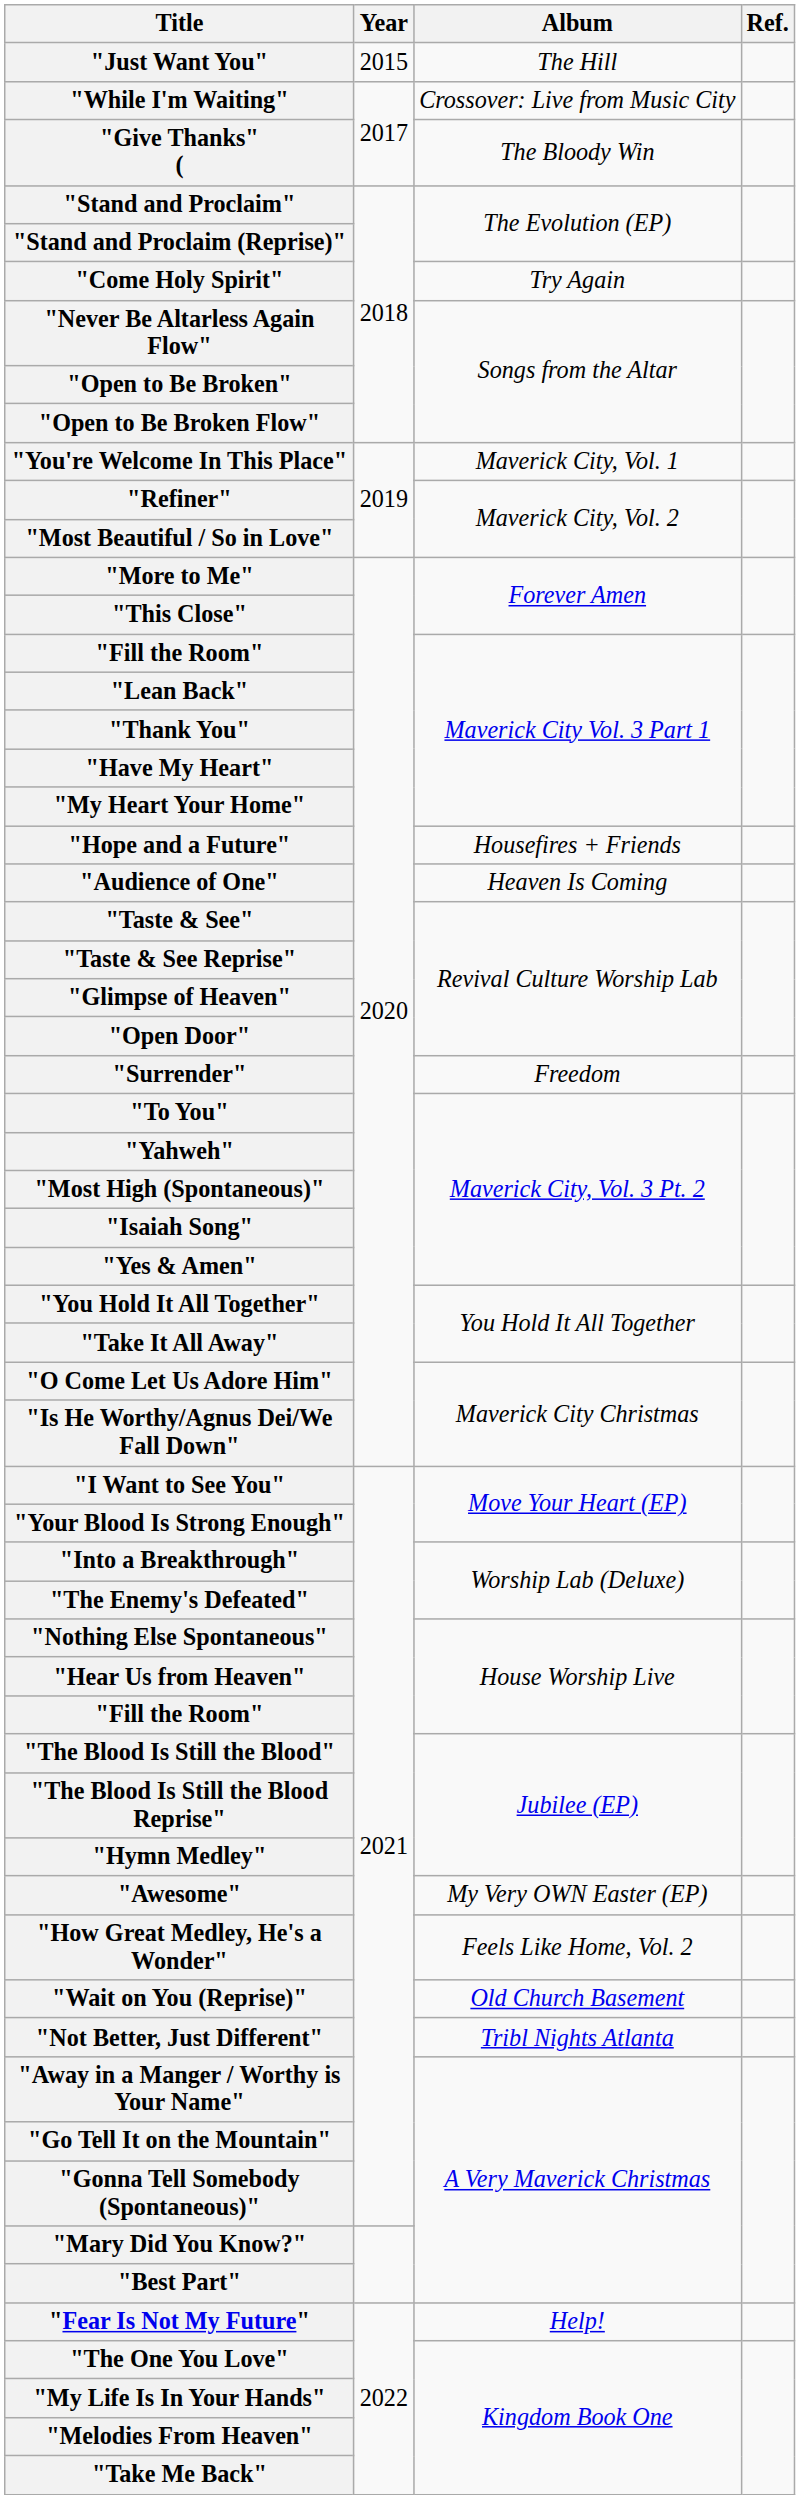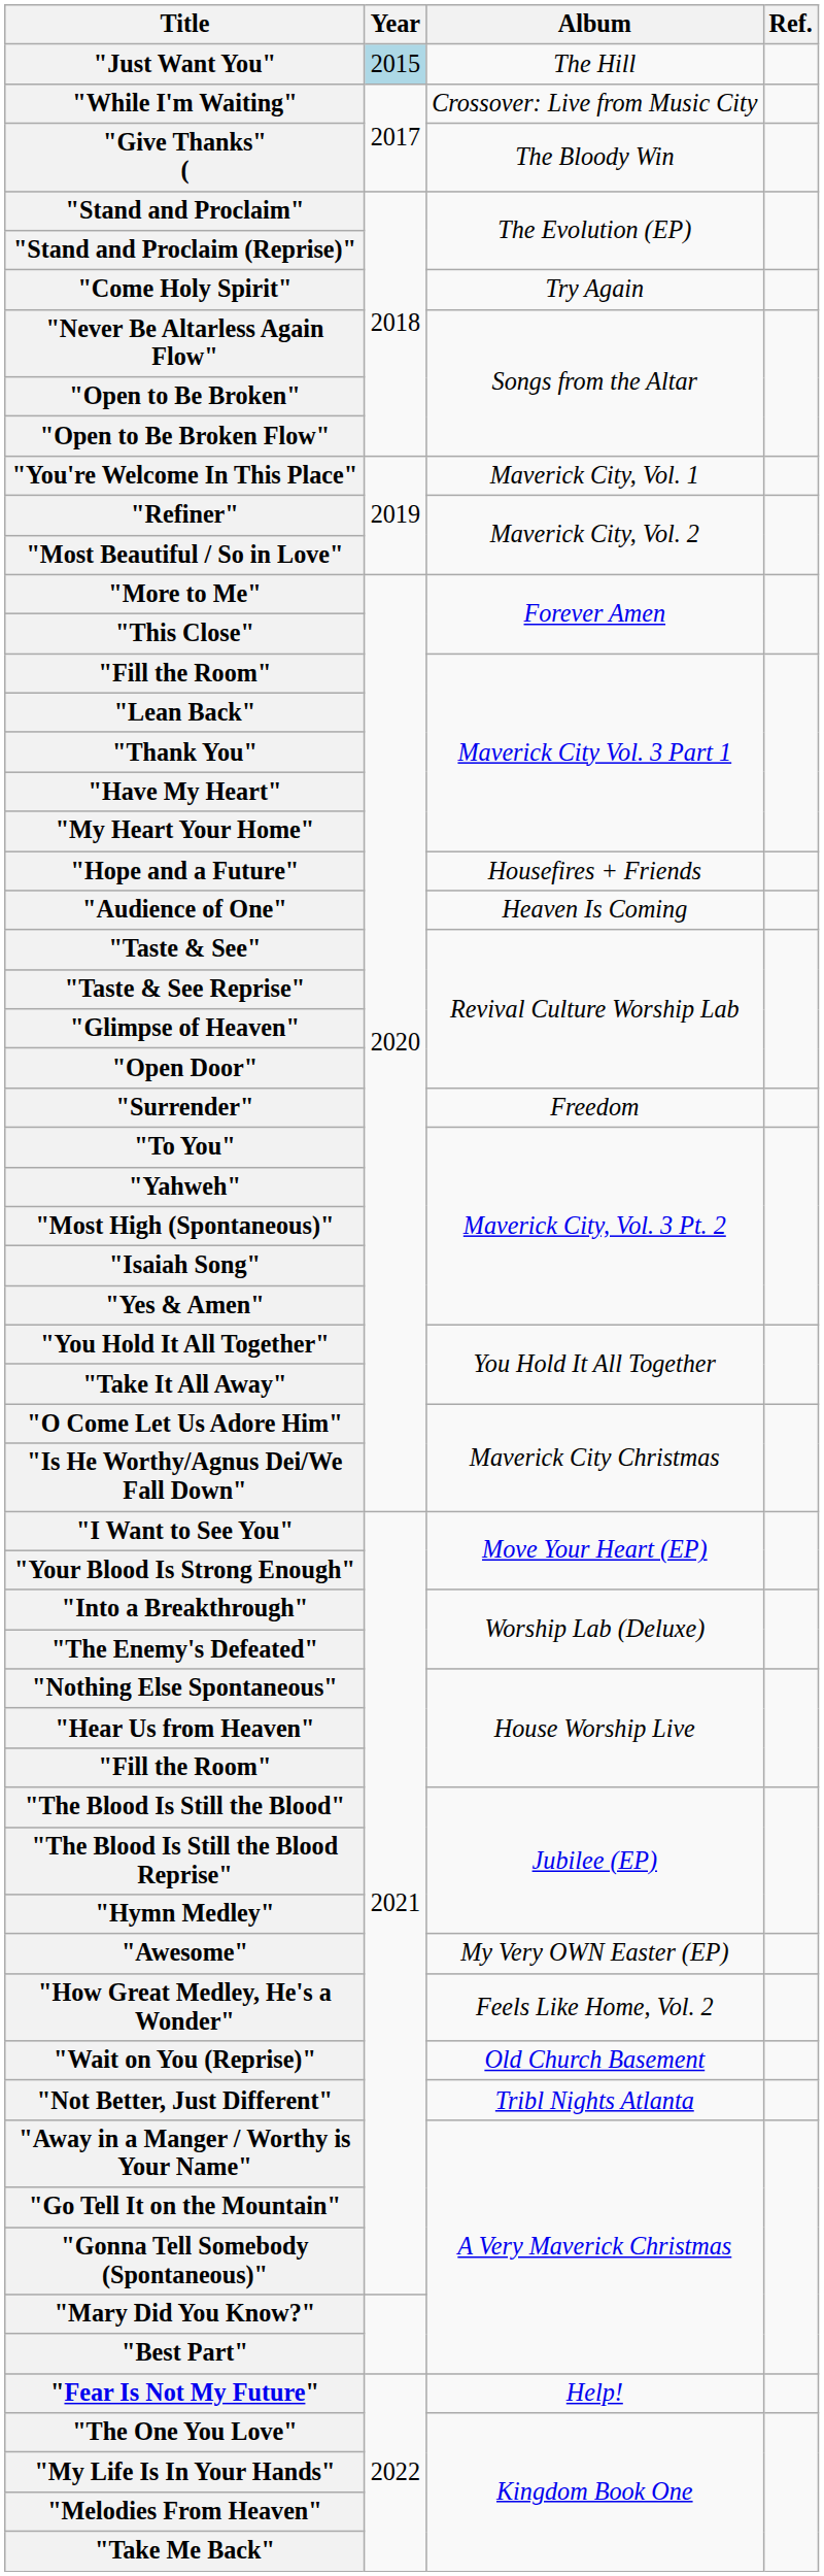 <table class="wikitable plainrowheaders" style="text-align:center;">
 <tr>
 <th scope="col" style="width:14em;">Title</th>
 <th scope="col">Year</th>
 <th scope="col">Album</th>
 <th scope="col">Ref.</th>
 </tr>
 <tr>
 <th scope="row">"Just Want You"<br></th>
-<td>2015</td>
+<td style="background: lightblue;">2015</td>
 <td><em>The Hill</em></td>
 <td></td>
 </tr>
 <tr>
 <th scope="row">"While I'm Waiting"<br></th>
 <td rowspan="2">2017</td>
 <td><em>Crossover: Live from Music City</em></td>
 <td></td>
 </tr>
 <tr>
 <th scope="row">"Give Thanks" <br>(</th>
 <td><em>The Bloody Win</em></td>
 <td></td>
 </tr>
 <tr>
 <th scope="row">"Stand and Proclaim"<br></th>
 <td rowspan="6">2018</td>
 <td rowspan="2"><em>The Evolution (EP)</em></td>
 <td rowspan="2"></td>
 </tr>
 <tr>
 <th scope="row">"Stand and Proclaim (Reprise)"<br></th>
 </tr>
 <tr>
 <th scope="row">"Come Holy Spirit" <br></th>
 <td><em>Try Again</em></td>
 <td></td>
 </tr>
 <tr>
 <th scope="row">"Never Be Altarless Again Flow"<br></th>
 <td rowspan="3"><em>Songs from the Altar</em></td>
 <td rowspan="3"></td>
 </tr>
 <tr>
 <th scope="row">"Open to Be Broken"<br></th>
 </tr>
 <tr>
 <th scope="row">"Open to Be Broken Flow"<br></th>
 </tr>
 <tr>
 <th scope="row">"You're Welcome In This Place"<br></th>
 <td rowspan="3">2019</td>
 <td><em>Maverick City, Vol. 1</em></td>
 <td></td>
 </tr>
 <tr>
 <th scope="row">"Refiner"<br></th>
 <td rowspan="2"><em>Maverick City, Vol. 2</em></td>
 <td rowspan="2"></td>
 </tr>
 <tr>
 <th scope="row">"Most Beautiful / So in Love"<br></th>
 </tr>
 <tr>
 <th scope="row">"More to Me"<br></th>
 <td rowspan="23">2020</td>
 <td rowspan="2"><em><a href='#'>Forever Amen</a></em></td>
 <td rowspan="2"></td>
 </tr>
 <tr>
 <th scope="row">"This Close"<br></th>
 </tr>
 <tr>
 <th scope="row">"Fill the Room"<br></th>
 <td rowspan="5"><em><a href='#'>Maverick City Vol. 3 Part 1</a></em></td>
 <td rowspan="5"></td>
 </tr>
 <tr>
 <th scope="row">"Lean Back"<br></th>
 </tr>
 <tr>
 <th scope="row">"Thank You"<br></th>
 </tr>
 <tr>
 <th scope="row">"Have My Heart"<br></th>
 </tr>
 <tr>
 <th scope="row">"My Heart Your Home"<br></th>
 </tr>
 <tr>
 <th scope="row">"Hope and a Future"<br></th>
 <td><em>Housefires + Friends</em></td>
 <td></td>
 </tr>
 <tr>
 <th scope="row">"Audience of One"<br></th>
 <td><em>Heaven Is Coming</em></td>
 <td></td>
 </tr>
 <tr>
 <th scope="row">"Taste & See"<br></th>
 <td rowspan="4"><em>Revival Culture Worship Lab</em></td>
 <td rowspan="4"></td>
 </tr>
 <tr>
 <th scope="row">"Taste & See Reprise"<br></th>
 </tr>
 <tr>
 <th scope="row">"Glimpse of Heaven"<br></th>
 </tr>
 <tr>
 <th scope="row">"Open Door"<br></th>
 </tr>
 <tr>
 <th scope="row">"Surrender"<br></th>
 <td><em>Freedom</em></td>
 <td></td>
 </tr>
 <tr>
 <th scope="row">"To You"<br></th>
 <td rowspan="5"><em><a href='#'>Maverick City, Vol. 3 Pt. 2</a></em></td>
 <td rowspan="5"></td>
 </tr>
 <tr>
 <th scope="row">"Yahweh"<br></th>
 </tr>
 <tr>
 <th scope="row">"Most High (Spontaneous)"<br></th>
 </tr>
 <tr>
 <th scope="row">"Isaiah Song"<br></th>
 </tr>
 <tr>
 <th scope="row">"Yes & Amen"<br></th>
 </tr>
 <tr>
 <th scope="row">"You Hold It All Together"<br></th>
 <td rowspan="2"><em>You Hold It All Together</em></td>
 <td rowspan="2"></td>
 </tr>
 <tr>
 <th scope="row">"Take It All Away"<br></th>
 </tr>
 <tr>
 <th scope="row">"O Come Let Us Adore Him"<br></th>
 <td rowspan="2"><em>Maverick City Christmas</em></td>
 <td rowspan="2"></td>
 </tr>
 <tr>
 <th scope="row">"Is He Worthy/Agnus Dei/We Fall Down"<br></th>
 </tr>
 <tr>
 <th scope="row">"I Want to See You"<br></th>
 <td rowspan="17">2021</td>
 <td rowspan="2"><em><a href='#'>Move Your Heart (EP)</a></em></td>
 <td rowspan="2"></td>
 </tr>
 <tr>
 <th scope="row">"Your Blood Is Strong Enough"<br></th>
 </tr>
 <tr>
 <th scope="row">"Into a Breakthrough"<br></th>
 <td rowspan="2"><em>Worship Lab (Deluxe)</em></td>
 <td rowspan="2"></td>
 </tr>
 <tr>
 <th scope="row">"The Enemy's Defeated"<br></th>
 </tr>
 <tr>
 <th scope="row">"Nothing Else Spontaneous"<br></th>
 <td rowspan="3"><em>House Worship Live</em></td>
 <td rowspan="3"></td>
 </tr>
 <tr>
 <th scope="row">"Hear Us from Heaven"<br></th>
 </tr>
 <tr>
 <th scope="row">"Fill the Room"<br></th>
 </tr>
 <tr>
 <th scope="row">"The Blood Is Still the Blood"<br></th>
 <td rowspan="3"><em><a href='#'>Jubilee (EP)</a></em></td>
 <td rowspan="3"></td>
 </tr>
 <tr>
 <th scope="row">"The Blood Is Still the Blood Reprise"<br></th>
 </tr>
 <tr>
 <th scope="row">"Hymn Medley"<br></th>
 </tr>
 <tr>
 <th scope="row">"Awesome"<br></th>
 <td><em>My Very OWN Easter (EP)</em></td>
 <td></td>
 </tr>
 <tr>
 <th scope="row">"How Great Medley, He's a Wonder"<br></th>
 <td><em>Feels Like Home, Vol. 2</em></td>
 <td></td>
 </tr>
 <tr>
 <th scope="row">"Wait on You (Reprise)"<br></th>
 <td><em><a href='#'>Old Church Basement</a></em></td>
 <td></td>
 </tr>
 <tr>
 <th scope="row">"Not Better, Just Different"<br></th>
 <td><em><a href='#'>Tribl Nights Atlanta</a></em></td>
 <td></td>
 </tr>
 <tr>
 <th scope="row">"Away in a Manger / Worthy is Your Name"<br></th>
 <td rowspan="5"><em><a href='#'>A Very Maverick Christmas</a></em></td>
 <td rowspan="5"></td>
 </tr>
 <tr>
 <th scope="row">"Go Tell It on the Mountain"<br></th>
 </tr>
 <tr>
 <th scope="row">"Gonna Tell Somebody (Spontaneous)"<br></th>
 </tr>
 <tr>
 <th scope="row">"Mary Did You Know?"<br></th>
 </tr>
 <tr>
 <th scope="row">"Best Part"<br></th>
 </tr>
 <tr>
 <th scope="row">"<a href='#'>Fear Is Not My Future</a>"<br></th>
 <td rowspan="8">2022</td>
 <td><em><a href='#'>Help!</a></em></td>
 <td></td>
 </tr>
 <tr>
 <th scope="row">"The One You Love"<br></th>
 <td rowspan="4"><em><a href='#'>Kingdom Book One</a></em></td>
 <td rowspan="4"></td>
 </tr>
 <tr>
 <th scope="row">"My Life Is In Your Hands"<br></th>
 </tr>
 <tr>
 <th scope="row">"Melodies From Heaven"<br></th>
 </tr>
 <tr>
 <th scope="row">"Take Me Back"<br></th>
 </tr>
 </table>
